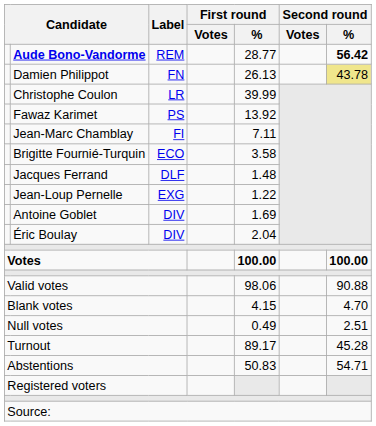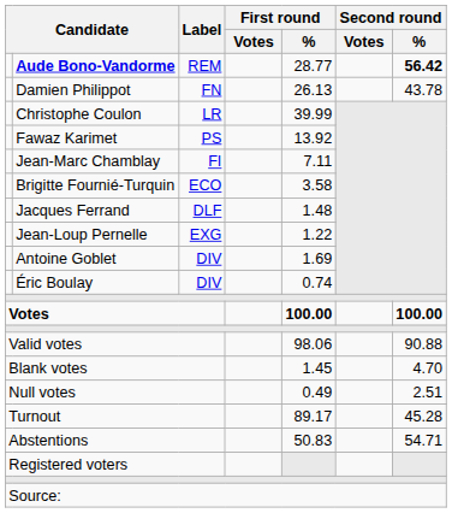 <table class="wikitable" style="text-align:right;font-size:95%;">
 <tr>
 <th colspan="2" rowspan="2">Candidate</th>
 <th rowspan="2">Label</th>
 <th colspan="2">First round</th>
 <th colspan="2">Second round</th>
 </tr>
 <tr>
 <th style="width:50px;">Votes</th>
 <th style="width:45px;">%</th>
 <th style="width:50px;">Votes</th>
 <th style="width:45px;">%</th>
 </tr>
 <tr>
 <td style="color:inherit;background:"></td>
 <td style="text-align:left;"><strong><a href='#'>Aude Bono-Vandorme</a></strong></td>
 <td><a href='#'>REM</a></td>
 <td></td>
 <td>28.77</td>
 <td><strong></strong></td>
 <td><strong>56.42</strong></td>
 </tr>
 <tr>
 <td style="color:inherit;background:"></td>
 <td style="text-align:left;">Damien Philippot</td>
 <td><a href='#'>FN</a></td>
 <td></td>
 <td>26.13</td>
 <td></td>
-<td style="background: khaki;">43.78</td>
+<td>43.78</td>
 </tr>
 <tr>
 <td style="color:inherit;background:"></td>
 <td style="text-align:left;">Christophe Coulon</td>
 <td><a href='#'>LR</a></td>
 <td></td>
 <td>39.99</td>
 <td colspan="2" rowspan="8" style="background:#E9E9E9;"></td>
 </tr>
 <tr>
 <td style="color:inherit;background:"></td>
 <td style="text-align:left;">Fawaz Karimet</td>
 <td><a href='#'>PS</a></td>
 <td></td>
 <td>13.92</td>
 </tr>
 <tr>
 <td style="color:inherit;background:"></td>
 <td style="text-align:left;">Jean-Marc Chamblay</td>
 <td><a href='#'>FI</a></td>
 <td></td>
 <td>7.11</td>
 </tr>
 <tr>
 <td style="color:inherit;background:"></td>
 <td style="text-align:left;">Brigitte Fournié-Turquin</td>
 <td><a href='#'>ECO</a></td>
 <td></td>
 <td>3.58</td>
 </tr>
 <tr>
 <td style="color:inherit;background:"></td>
 <td style="text-align:left;">Jacques Ferrand</td>
 <td><a href='#'>DLF</a></td>
 <td></td>
 <td>1.48</td>
 </tr>
 <tr>
 <td style="color:inherit;background:"></td>
 <td style="text-align:left;">Jean-Loup Pernelle</td>
 <td><a href='#'>EXG</a></td>
 <td></td>
 <td>1.22</td>
 </tr>
 <tr>
 <td style="color:inherit;background:"></td>
 <td style="text-align:left;">Antoine Goblet</td>
 <td><a href='#'>DIV</a></td>
 <td></td>
 <td>1.69</td>
 </tr>
 <tr>
 <td style="color:inherit;background:"></td>
 <td style="text-align:left;">Éric Boulay</td>
 <td><a href='#'>DIV</a></td>
 <td></td>
-<td>2.04</td>
+<td>0.74</td>
 </tr>
 <tr>
 <td colspan="7" style="background:#E9E9E9;"></td>
 </tr>
 <tr style="font-weight:bold;">
 <td colspan="3" style="text-align:left;">Votes</td>
 <td></td>
 <td>100.00</td>
 <td></td>
 <td>100.00</td>
 </tr>
 <tr>
 <td colspan="7" style="background:#E9E9E9;"></td>
 </tr>
 <tr>
 <td colspan="3" style="text-align:left;">Valid votes</td>
 <td></td>
 <td>98.06</td>
 <td></td>
 <td>90.88</td>
 </tr>
 <tr>
 <td colspan="3" style="text-align:left;">Blank votes</td>
 <td></td>
-<td>4.15</td>
+<td>1.45</td>
 <td></td>
 <td>4.70</td>
 </tr>
 <tr>
 <td colspan="3" style="text-align:left;">Null votes</td>
 <td></td>
 <td>0.49</td>
 <td></td>
 <td>2.51</td>
 </tr>
 <tr>
 <td colspan="3" style="text-align:left;">Turnout</td>
 <td></td>
 <td>89.17</td>
 <td></td>
 <td>45.28</td>
 </tr>
 <tr>
 <td colspan="3" style="text-align:left;">Abstentions</td>
 <td></td>
 <td>50.83</td>
 <td></td>
 <td>54.71</td>
 </tr>
 <tr>
 <td colspan="3" style="text-align:left;">Registered voters</td>
 <td></td>
 <td style="background:#E9E9E9;"></td>
 <td></td>
 <td style="background:#E9E9E9;"></td>
 </tr>
 <tr>
 <td colspan="7" style="background:#E9E9E9;"></td>
 </tr>
 <tr>
 <td colspan="7" style="text-align:left;">Source: </td>
 </tr>
 </table>
